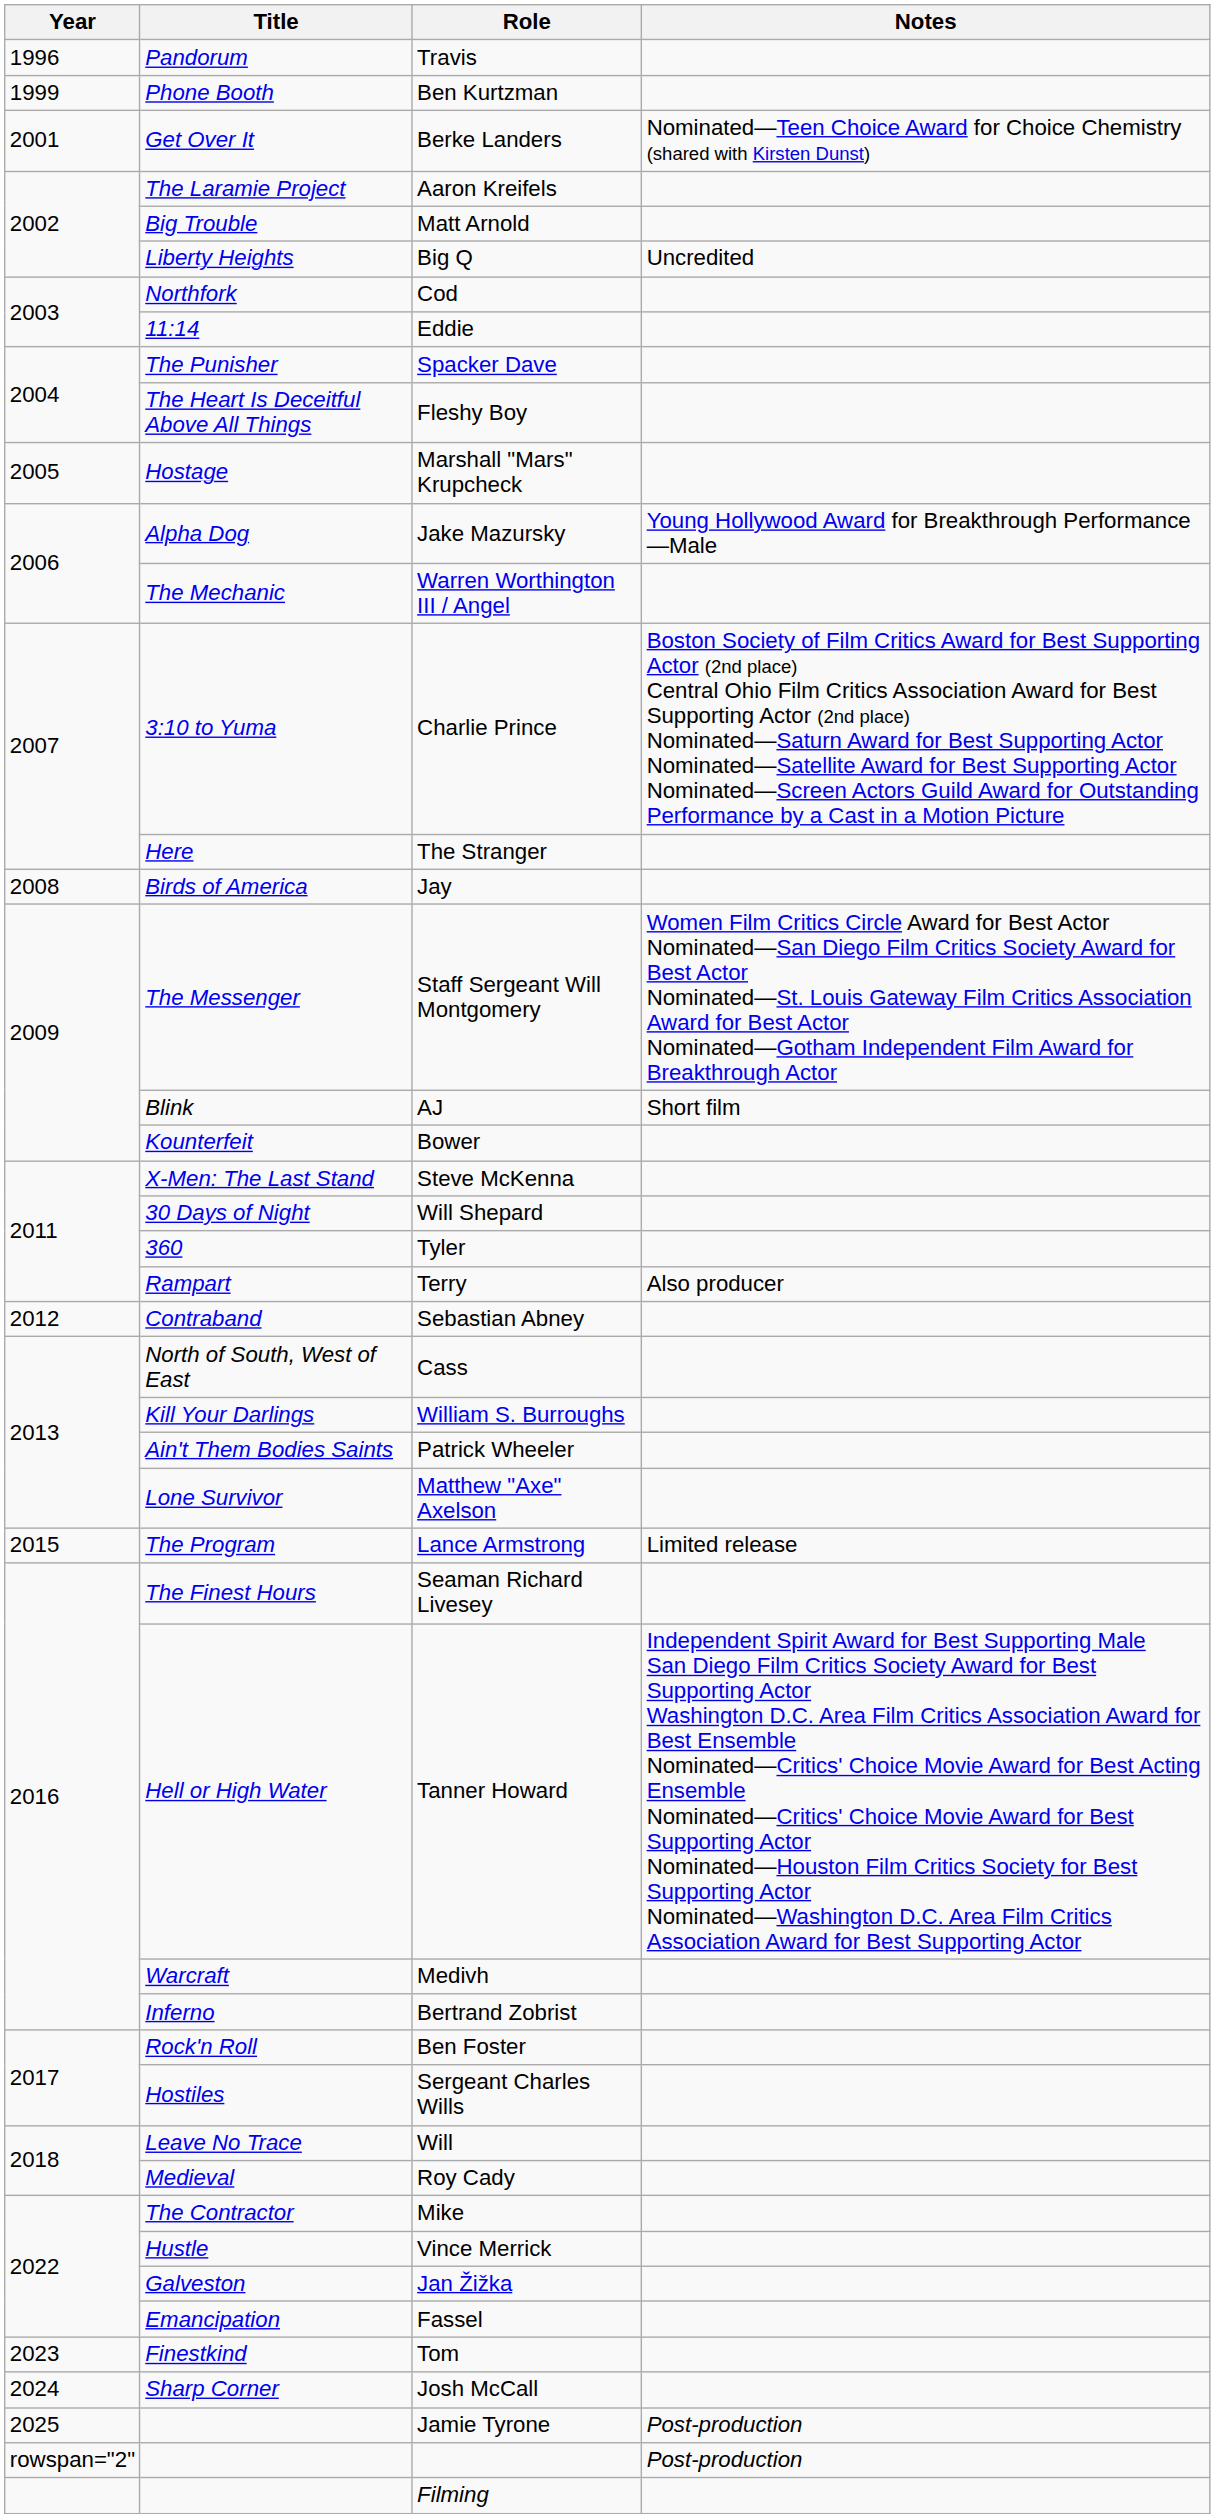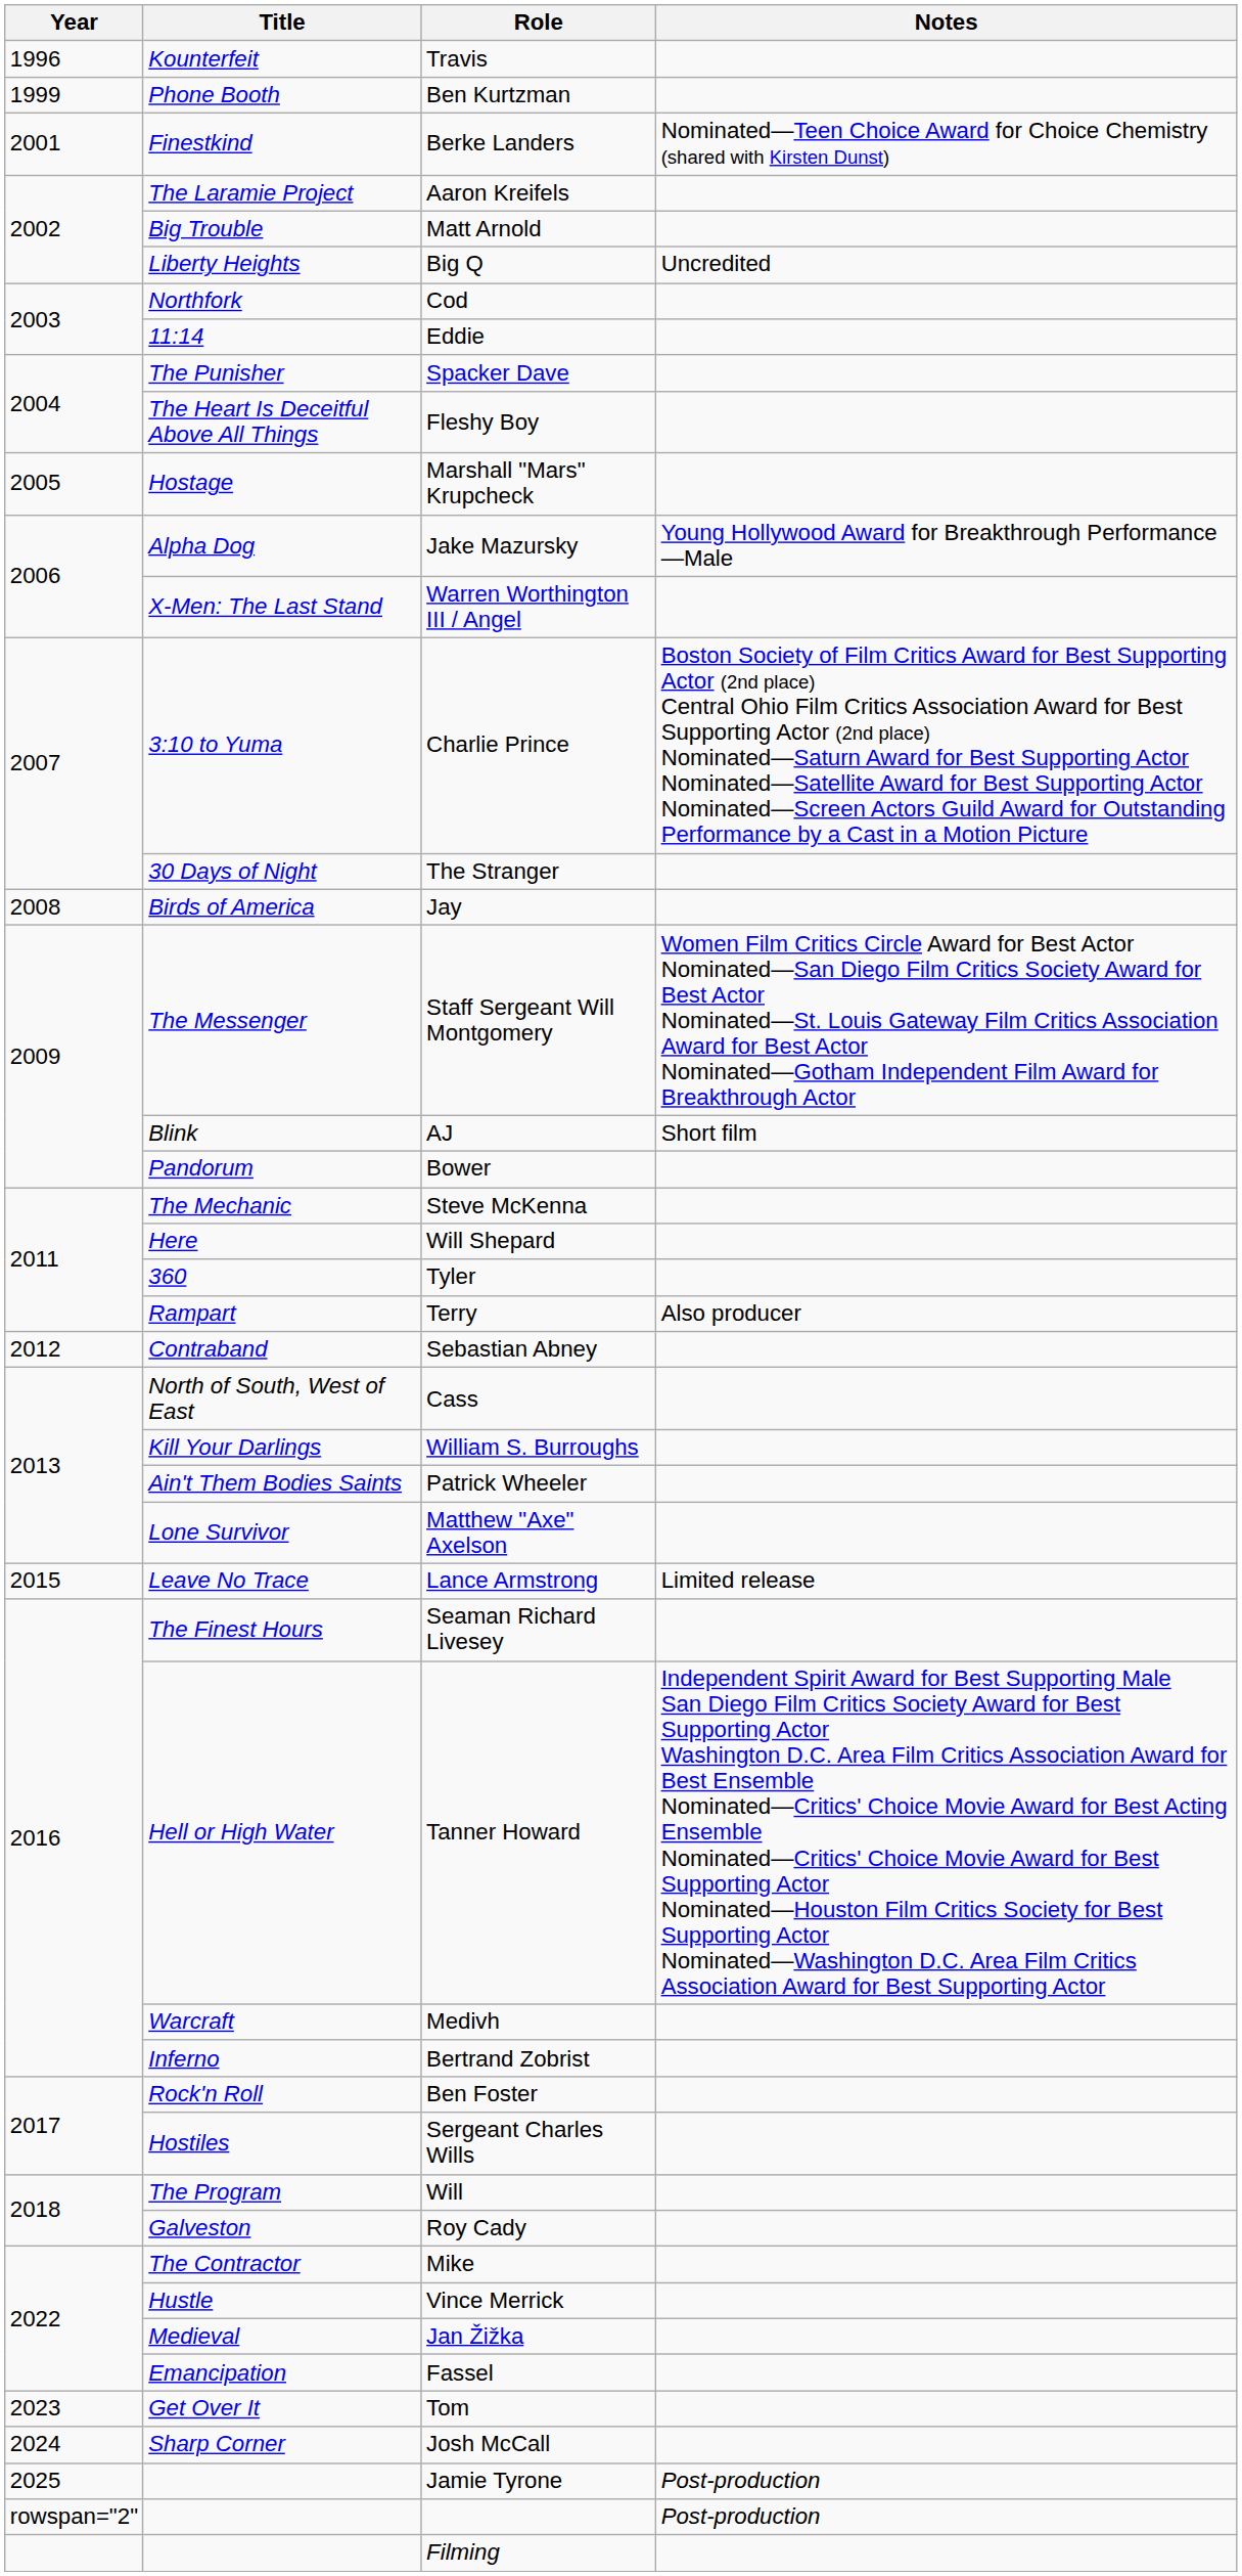 <table class="wikitable sortable" style="text-align:left; font-size:100%;">
 <tr>
 <th>Year</th>
 <th>Title</th>
 <th>Role</th>
 <th class="unsortable">Notes</th>
 </tr>
 <tr>
 <td>1996</td>
-<td><em><a href='#'>Pandorum</a></em></td>
+<td><em><a href='#'>Kounterfeit</a></em></td>
 <td>Travis</td>
 <td></td>
 </tr>
 <tr>
 <td>1999</td>
 <td><em><a href='#'>Phone Booth</a></em></td>
 <td>Ben Kurtzman</td>
 <td></td>
 </tr>
 <tr>
 <td>2001</td>
-<td><em><a href='#'>Get Over It</a></em></td>
+<td><em><a href='#'>Finestkind</a></em></td>
 <td>Berke Landers</td>
 <td>Nominated—<a href='#'>Teen Choice Award</a> for Choice Chemistry <small>(shared with <a href='#'>Kirsten Dunst</a>)</small></td>
 </tr>
 <tr>
 <td rowspan="3">2002</td>
 <td><em><a href='#'>The Laramie Project</a></em></td>
 <td>Aaron Kreifels</td>
 <td></td>
 </tr>
 <tr>
 <td><em><a href='#'>Big Trouble</a></em></td>
 <td>Matt Arnold</td>
 <td></td>
 </tr>
 <tr>
 <td><em><a href='#'>Liberty Heights</a></em></td>
 <td>Big Q</td>
 <td>Uncredited</td>
 </tr>
 <tr>
 <td rowspan="2">2003</td>
 <td><em><a href='#'>Northfork</a></em></td>
 <td>Cod</td>
 <td></td>
 </tr>
 <tr>
 <td><em><a href='#'>11:14</a></em></td>
 <td>Eddie</td>
 <td></td>
 </tr>
 <tr>
 <td rowspan="2">2004</td>
 <td><em><a href='#'>The Punisher</a></em></td>
 <td><a href='#'>Spacker Dave</a></td>
 <td></td>
 </tr>
 <tr>
 <td><em><a href='#'>The Heart Is Deceitful Above All Things</a></em></td>
 <td>Fleshy Boy</td>
 <td></td>
 </tr>
 <tr>
 <td>2005</td>
 <td><em><a href='#'>Hostage</a></em></td>
 <td>Marshall "Mars" Krupcheck</td>
 <td></td>
 </tr>
 <tr>
 <td rowspan="2">2006</td>
 <td><em><a href='#'>Alpha Dog</a></em></td>
 <td>Jake Mazursky</td>
 <td><a href='#'>Young Hollywood Award</a> for Breakthrough Performance—Male</td>
 </tr>
 <tr>
-<td><em><a href='#'>The Mechanic</a></em></td>
+<td><em><a href='#'>X-Men: The Last Stand</a></em></td>
 <td><a href='#'>Warren Worthington III / Angel</a></td>
 <td></td>
 </tr>
 <tr>
 <td rowspan="2">2007</td>
 <td><em><a href='#'>3:10 to Yuma</a></em></td>
 <td>Charlie Prince</td>
 <td><a href='#'>Boston Society of Film Critics Award for Best Supporting Actor</a> <small>(2nd place)</small><br>Central Ohio Film Critics Association Award for Best Supporting Actor <small>(2nd place)</small><br>Nominated—<a href='#'>Saturn Award for Best Supporting Actor</a><br>Nominated—<a href='#'>Satellite Award for Best Supporting Actor</a><br>Nominated—<a href='#'>Screen Actors Guild Award for Outstanding Performance by a Cast in a Motion Picture</a></td>
 </tr>
 <tr>
-<td><em><a href='#'>Here</a></em></td>
+<td><em><a href='#'>30 Days of Night</a></em></td>
 <td>The Stranger</td>
 <td></td>
 </tr>
 <tr>
 <td>2008</td>
 <td><em><a href='#'>Birds of America</a></em></td>
 <td>Jay</td>
 <td></td>
 </tr>
 <tr>
 <td rowspan="3">2009</td>
 <td><em><a href='#'>The Messenger</a></em></td>
 <td>Staff Sergeant Will Montgomery</td>
 <td><a href='#'>Women Film Critics Circle</a> Award for Best Actor<br>Nominated—<a href='#'>San Diego Film Critics Society Award for Best Actor</a><br>Nominated—<a href='#'>St. Louis Gateway Film Critics Association Award for Best Actor</a><br>Nominated—<a href='#'>Gotham Independent Film Award for Breakthrough Actor</a></td>
 </tr>
 <tr>
 <td><em>Blink</em></td>
 <td>AJ</td>
 <td>Short film</td>
 </tr>
 <tr>
-<td><em><a href='#'>Kounterfeit</a></em></td>
+<td><em><a href='#'>Pandorum</a></em></td>
 <td>Bower</td>
 <td></td>
 </tr>
 <tr>
 <td rowspan="4">2011</td>
-<td><em><a href='#'>X-Men: The Last Stand</a></em></td>
+<td><em><a href='#'>The Mechanic</a></em></td>
 <td>Steve McKenna</td>
 <td></td>
 </tr>
 <tr>
-<td><em><a href='#'>30 Days of Night</a></em></td>
+<td><em><a href='#'>Here</a></em></td>
 <td>Will Shepard</td>
 <td></td>
 </tr>
 <tr>
 <td><em><a href='#'>360</a></em></td>
 <td>Tyler</td>
 <td></td>
 </tr>
 <tr>
 <td><em><a href='#'>Rampart</a></em></td>
 <td>Terry</td>
 <td>Also producer</td>
 </tr>
 <tr>
 <td>2012</td>
 <td><em><a href='#'>Contraband</a></em></td>
 <td>Sebastian Abney</td>
 <td></td>
 </tr>
 <tr>
 <td rowspan="4">2013</td>
 <td><em>North of South, West of East</em></td>
 <td>Cass</td>
 <td></td>
 </tr>
 <tr>
 <td><em><a href='#'>Kill Your Darlings</a></em></td>
 <td><a href='#'>William S. Burroughs</a></td>
 <td></td>
 </tr>
 <tr>
 <td><em><a href='#'>Ain't Them Bodies Saints</a></em></td>
 <td>Patrick Wheeler</td>
 <td></td>
 </tr>
 <tr>
 <td><em><a href='#'>Lone Survivor</a></em></td>
 <td><a href='#'>Matthew "Axe" Axelson</a></td>
 <td></td>
 </tr>
 <tr>
 <td>2015</td>
-<td><em><a href='#'>The Program</a></em></td>
+<td><em><a href='#'>Leave No Trace</a></em></td>
 <td><a href='#'>Lance Armstrong</a></td>
 <td>Limited release</td>
 </tr>
 <tr>
 <td rowspan="4">2016</td>
 <td><em><a href='#'>The Finest Hours</a></em></td>
 <td>Seaman Richard Livesey</td>
 <td></td>
 </tr>
 <tr>
 <td><em><a href='#'>Hell or High Water</a></em></td>
 <td>Tanner Howard</td>
 <td><a href='#'>Independent Spirit Award for Best Supporting Male</a><br><a href='#'>San Diego Film Critics Society Award for Best Supporting Actor</a><br><a href='#'>Washington D.C. Area Film Critics Association Award for Best Ensemble</a><br>Nominated—<a href='#'>Critics' Choice Movie Award for Best Acting Ensemble</a><br>Nominated—<a href='#'>Critics' Choice Movie Award for Best Supporting Actor</a><br>Nominated—<a href='#'>Houston Film Critics Society for Best Supporting Actor</a><br>Nominated—<a href='#'>Washington D.C. Area Film Critics Association Award for Best Supporting Actor</a></td>
 </tr>
 <tr>
 <td><em><a href='#'>Warcraft</a></em></td>
 <td>Medivh</td>
 <td></td>
 </tr>
 <tr>
 <td><em><a href='#'>Inferno</a></em></td>
 <td>Bertrand Zobrist</td>
 <td></td>
 </tr>
 <tr>
 <td rowspan="2">2017</td>
 <td><em><a href='#'>Rock'n Roll</a></em></td>
 <td>Ben Foster</td>
 <td></td>
 </tr>
 <tr>
 <td><em><a href='#'>Hostiles</a></em></td>
 <td>Sergeant Charles Wills</td>
 <td></td>
 </tr>
 <tr>
 <td rowspan="2">2018</td>
-<td><em><a href='#'>Leave No Trace</a></em></td>
+<td><em><a href='#'>The Program</a></em></td>
 <td>Will</td>
 <td></td>
 </tr>
 <tr>
-<td><em><a href='#'>Medieval</a></em></td>
+<td><em><a href='#'>Galveston</a></em></td>
 <td>Roy Cady</td>
 <td></td>
 </tr>
 <tr>
 <td rowspan=4>2022</td>
 <td><em><a href='#'>The Contractor</a></em></td>
 <td>Mike</td>
 <td></td>
 </tr>
 <tr>
 <td><em><a href='#'>Hustle</a></em></td>
 <td>Vince Merrick</td>
 <td></td>
 </tr>
 <tr>
-<td><em><a href='#'>Galveston</a></em></td>
+<td><em><a href='#'>Medieval</a></em></td>
 <td><a href='#'>Jan Žižka</a></td>
 <td></td>
 </tr>
 <tr>
 <td><em><a href='#'>Emancipation</a></em></td>
 <td>Fassel</td>
 <td></td>
 </tr>
 <tr>
 <td>2023</td>
-<td><em><a href='#'>Finestkind</a></em></td>
+<td><em><a href='#'>Get Over It</a></em></td>
 <td>Tom</td>
 <td></td>
 </tr>
 <tr>
 <td>2024</td>
 <td><em><a href='#'>Sharp Corner</a></em></td>
 <td>Josh McCall</td>
 <td></td>
 </tr>
 <tr>
 <td>2025</td>
 <td></td>
 <td>Jamie Tyrone</td>
 <td><em>Post-production</em></td>
 </tr>
 <tr>
 <td>rowspan="2" </td>
 <td></td>
 <td></td>
 <td><em>Post-production</em></td>
 </tr>
 <tr>
 <td></td>
 <td></td>
 <td><em>Filming</em></td>
 </tr>
 </table>
